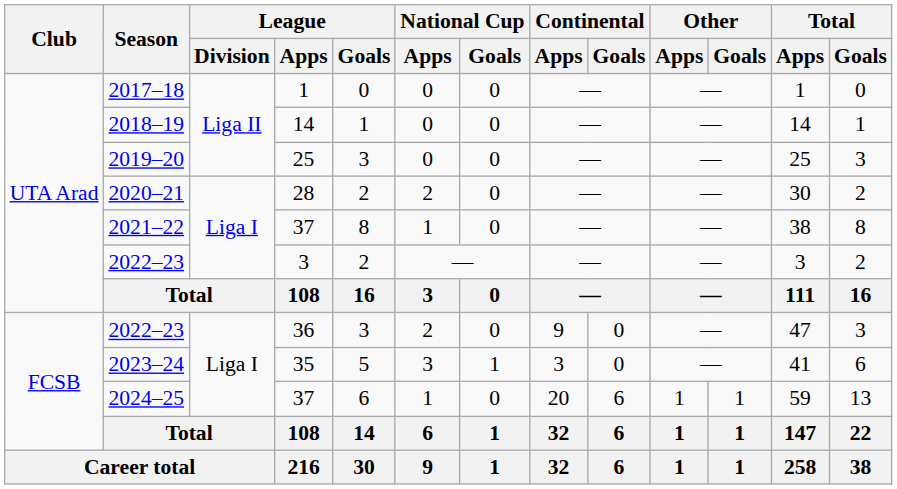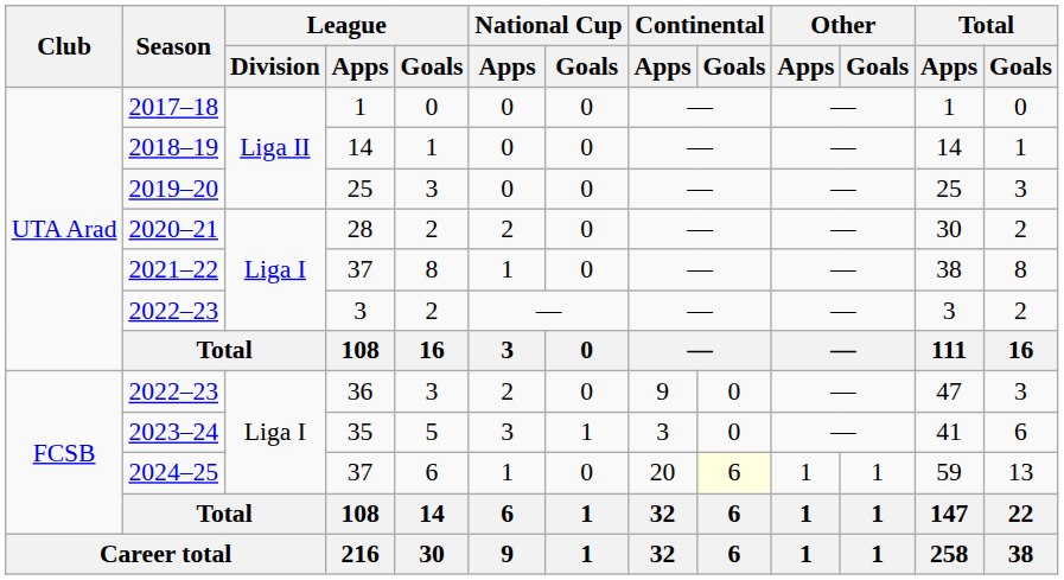 <table class="wikitable" style="text-align:center">
 <tr>
 <th rowspan="2">Club</th>
 <th rowspan="2">Season</th>
 <th colspan="3">League</th>
 <th colspan="2">National Cup</th>
 <th colspan="2">Continental</th>
 <th colspan="2">Other</th>
 <th colspan="3">Total</th>
 </tr>
 <tr>
 <th>Division</th>
 <th>Apps</th>
 <th>Goals</th>
 <th>Apps</th>
 <th>Goals</th>
 <th>Apps</th>
 <th>Goals</th>
 <th>Apps</th>
 <th>Goals</th>
 <th>Apps</th>
 <th>Goals</th>
 </tr>
 <tr>
 <td rowspan="7"><a href='#'>UTA Arad</a></td>
 <td><a href='#'>2017–18</a></td>
 <td rowspan="3"><a href='#'>Liga II</a></td>
 <td>1</td>
 <td>0</td>
 <td>0</td>
 <td>0</td>
 <td rowspan=1 colspan="2">—</td>
 <td rowspan=1 colspan="2">—</td>
 <td>1</td>
 <td>0</td>
 </tr>
 <tr>
 <td><a href='#'>2018–19</a></td>
 <td>14</td>
 <td>1</td>
 <td>0</td>
 <td>0</td>
 <td rowspan=1 colspan="2">—</td>
 <td rowspan=1 colspan="2">—</td>
 <td>14</td>
 <td>1</td>
 </tr>
 <tr>
 <td><a href='#'>2019–20</a></td>
 <td>25</td>
 <td>3</td>
 <td>0</td>
 <td>0</td>
 <td rowspan=1 colspan="2">—</td>
 <td rowspan=1 colspan="2">—</td>
 <td>25</td>
 <td>3</td>
 </tr>
 <tr>
 <td><a href='#'>2020–21</a></td>
 <td rowspan="3"><a href='#'>Liga I</a></td>
 <td>28</td>
 <td>2</td>
 <td>2</td>
 <td>0</td>
 <td rowspan=1 colspan="2">—</td>
 <td rowspan=1 colspan="2">—</td>
 <td>30</td>
 <td>2</td>
 </tr>
 <tr>
 <td><a href='#'>2021–22</a></td>
 <td>37</td>
 <td>8</td>
 <td>1</td>
 <td>0</td>
 <td rowspan=1 colspan="2">—</td>
 <td rowspan=1 colspan="2">—</td>
 <td>38</td>
 <td>8</td>
 </tr>
 <tr>
 <td><a href='#'>2022–23</a></td>
 <td>3</td>
 <td>2</td>
 <td rowspan=1 colspan="2">—</td>
 <td rowspan=1 colspan="2">—</td>
 <td rowspan=1 colspan="2">—</td>
 <td>3</td>
 <td>2</td>
 </tr>
 <tr>
 <th colspan="2">Total</th>
 <th>108</th>
 <th>16</th>
 <th>3</th>
 <th>0</th>
 <th colspan="2">—</th>
 <th colspan="2">—</th>
 <th>111</th>
 <th>16</th>
 </tr>
 <tr>
 <td rowspan="4"><a href='#'>FCSB</a></td>
 <td><a href='#'>2022–23</a></td>
 <td rowspan="3">Liga I</td>
 <td>36</td>
 <td>3</td>
 <td>2</td>
 <td>0</td>
 <td>9</td>
 <td>0</td>
 <td rowspan=1 colspan="2">—</td>
 <td>47</td>
 <td>3</td>
 </tr>
 <tr>
 <td><a href='#'>2023–24</a></td>
 <td>35</td>
 <td>5</td>
 <td>3</td>
 <td>1</td>
 <td>3</td>
 <td>0</td>
 <td rowspan=1 colspan="2">—</td>
 <td>41</td>
 <td>6</td>
 </tr>
 <tr>
 <td><a href='#'>2024–25</a></td>
 <td>37</td>
 <td>6</td>
 <td>1</td>
 <td>0</td>
 <td>20</td>
-<td>6</td>
+<td style="background: lightyellow;">6</td>
 <td>1</td>
 <td>1</td>
 <td>59</td>
 <td>13</td>
 </tr>
 <tr>
 <th colspan="2">Total</th>
 <th>108</th>
 <th>14</th>
 <th>6</th>
 <th>1</th>
 <th>32</th>
 <th>6</th>
 <th>1</th>
 <th>1</th>
 <th>147</th>
 <th>22</th>
 </tr>
 <tr>
 <th colspan="3">Career total</th>
 <th>216</th>
 <th>30</th>
 <th>9</th>
 <th>1</th>
 <th>32</th>
 <th>6</th>
 <th>1</th>
 <th>1</th>
 <th>258</th>
 <th>38</th>
 </tr>
 </table>
